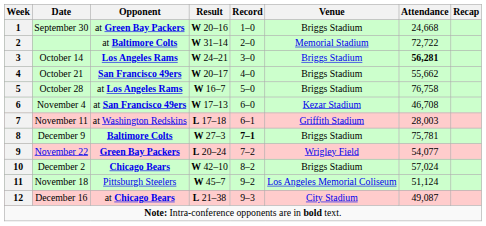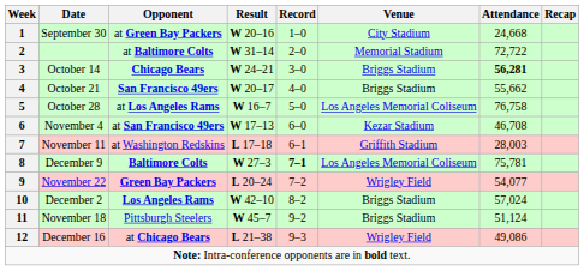 <table class="wikitable" style="text-align:center">
 <tr>
 <th>Week</th>
 <th>Date</th>
 <th>Opponent</th>
 <th>Result</th>
 <th>Record</th>
 <th>Venue</th>
 <th>Attendance</th>
 <th>Recap</th>
 </tr>
 <tr style="background:#cfc">
 <th>1</th>
 <td>September 30</td>
 <td>at <strong><a href='#'>Green Bay Packers</a></strong></td>
 <td><strong>W</strong> 20–16</td>
 <td>1–0</td>
-<td>Briggs Stadium</td>
+<td><a href='#'>City Stadium</a></td>
 <td>24,668</td>
 <td></td>
 </tr>
 <tr style="background:#cfc">
 <th>2</th>
 <td></td>
 <td>at <strong><a href='#'>Baltimore Colts</a></strong></td>
 <td><strong>W</strong> 31–14</td>
 <td>2–0</td>
 <td><a href='#'>Memorial Stadium</a></td>
 <td>72,722</td>
 <td></td>
 </tr>
 <tr style="background:#cfc">
 <th>3</th>
 <td>October 14</td>
-<td><strong><a href='#'>Los Angeles Rams</a></strong></td>
+<td><strong><a href='#'>Chicago Bears</a></strong></td>
 <td><strong>W</strong> 24–21</td>
 <td>3–0</td>
 <td><a href='#'>Briggs Stadium</a></td>
 <td><strong>56,281</strong></td>
 <td></td>
 </tr>
 <tr style="background:#cfc">
 <th>4</th>
 <td>October 21</td>
 <td><strong><a href='#'>San Francisco 49ers</a></strong></td>
 <td><strong>W</strong> 20–17</td>
 <td>4–0</td>
 <td>Briggs Stadium</td>
 <td>55,662</td>
 <td></td>
 </tr>
 <tr style="background:#cfc">
 <th>5</th>
 <td>October 28</td>
 <td>at <strong><a href='#'>Los Angeles Rams</a></strong></td>
 <td><strong>W</strong> 16–7</td>
 <td>5–0</td>
-<td>Briggs Stadium</td>
+<td><a href='#'>Los Angeles Memorial Coliseum</a></td>
 <td>76,758</td>
 <td></td>
 </tr>
 <tr style="background:#cfc">
 <th>6</th>
 <td>November 4</td>
 <td>at <strong><a href='#'>San Francisco 49ers</a></strong></td>
 <td><strong>W</strong> 17–13</td>
 <td>6–0</td>
 <td><a href='#'>Kezar Stadium</a></td>
 <td>46,708</td>
 <td></td>
 </tr>
 <tr style="background:#fcc">
 <th>7</th>
 <td>November 11</td>
 <td>at <a href='#'>Washington Redskins</a></td>
 <td><strong>L</strong> 17–18</td>
 <td>6–1</td>
 <td><a href='#'>Griffith Stadium</a></td>
 <td>28,003</td>
 <td></td>
 </tr>
 <tr style="background:#cfc">
 <th>8</th>
 <td>December 9</td>
 <td><strong><a href='#'>Baltimore Colts</a></strong></td>
 <td><strong>W</strong> 27–3</td>
 <td><strong>7–1</strong></td>
-<td>Briggs Stadium</td>
+<td><a href='#'>Los Angeles Memorial Coliseum</a></td>
 <td>75,781</td>
 <td></td>
 </tr>
 <tr style="background:#fcc">
 <th>9</th>
 <td><a href='#'>November 22</a></td>
 <td><strong><a href='#'>Green Bay Packers</a></strong></td>
 <td><strong>L</strong> 20–24</td>
 <td>7–2</td>
 <td><a href='#'>Wrigley Field</a></td>
 <td>54,077</td>
 <td></td>
 </tr>
 <tr style="background:#cfc">
 <th>10</th>
 <td>December 2</td>
-<td><strong><a href='#'>Chicago Bears</a></strong></td>
+<td><strong><a href='#'>Los Angeles Rams</a></strong></td>
 <td><strong>W</strong> 42–10</td>
 <td>8–2</td>
 <td>Briggs Stadium</td>
 <td>57,024</td>
 <td></td>
 </tr>
 <tr style="background:#cfc">
 <th>11</th>
 <td>November 18</td>
 <td><a href='#'>Pittsburgh Steelers</a></td>
 <td><strong>W</strong> 45–7</td>
 <td>9–2</td>
-<td><a href='#'>Los Angeles Memorial Coliseum</a></td>
+<td>Briggs Stadium</td>
 <td>51,124</td>
 <td></td>
 </tr>
 <tr style="background:#fcc">
 <th>12</th>
 <td>December 16</td>
 <td>at <strong><a href='#'>Chicago Bears</a></strong></td>
 <td><strong>L</strong> 21–38</td>
 <td>9–3</td>
-<td><a href='#'>City Stadium</a></td>
-<td>49,087</td>
+<td><a href='#'>Wrigley Field</a></td>
+<td>49,086</td>
 <td></td>
 </tr>
 <tr>
 <td colspan="8"><strong>Note:</strong> Intra-conference opponents are in <strong>bold</strong> text.</td>
 </tr>
 </table>
